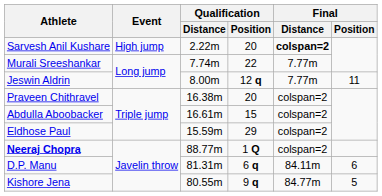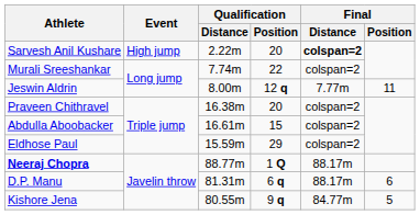 <table class="wikitable" style="font-size:90%">
 <tr>
 <th rowspan="2">Athlete</th>
 <th rowspan="2">Event</th>
 <th colspan="2">Qualification</th>
 <th colspan="2">Final</th>
 </tr>
 <tr style="font-size:95%">
 <th>Distance</th>
 <th>Position</th>
 <th>Distance</th>
 <th>Position</th>
 </tr>
 <tr align="center">
 <td style="text-align:left"><a href='#'>Sarvesh Anil Kushare</a></td>
 <td style="text-align:left"><a href='#'>High jump</a></td>
 <td>2.22m</td>
 <td>20</td>
 <td><strong>colspan=2 </strong></td>
 </tr>
 <tr align="center">
 <td style="text-align:left"><a href='#'>Murali Sreeshankar</a></td>
 <td rowspan="2" style="text-align:left"><a href='#'>Long jump</a></td>
 <td>7.74m</td>
 <td>22</td>
-<td>7.77m</td>
+<td>colspan=2 </td>
 </tr>
 <tr align="center">
 <td align="left"><a href='#'>Jeswin Aldrin</a></td>
 <td>8.00m</td>
 <td>12 <strong>q</strong></td>
 <td>7.77m</td>
 <td>11</td>
 </tr>
 <tr style="text-align:center">
 <td style="text-align:left"><a href='#'>Praveen Chithravel</a></td>
 <td rowspan="3" style="text-align:left"><a href='#'>Triple jump</a></td>
 <td>16.38m</td>
 <td>20</td>
 <td>colspan=2 </td>
 </tr>
 <tr style="text-align:center">
 <td style="text-align:left"><a href='#'>Abdulla Aboobacker</a></td>
 <td>16.61m</td>
 <td>15</td>
 <td>colspan=2 </td>
 </tr>
 <tr style="text-align:center">
 <td style="text-align:left"><a href='#'>Eldhose Paul</a></td>
 <td>15.59m</td>
 <td>29</td>
 <td>colspan=2 </td>
 </tr>
 <tr style="text-align:center">
 <td style="text-align:left"><strong><a href='#'>Neeraj Chopra</a></strong></td>
 <td rowspan="3" style="text-align:left"><a href='#'>Javelin throw</a></td>
 <td>88.77m </td>
 <td>1 <strong>Q</strong></td>
-<td>colspan=2 </td>
+<td>88.17m</td>
 <td></td>
 </tr>
 <tr style="text-align:center">
 <td style="text-align:left"><a href='#'>D.P. Manu</a></td>
 <td>81.31m</td>
 <td>6 <strong>q</strong></td>
-<td>84.11m</td>
+<td>88.17m</td>
 <td>6</td>
 </tr>
 <tr style="text-align:center">
 <td style="text-align:left"><a href='#'>Kishore Jena</a></td>
 <td>80.55m</td>
 <td>9 <strong>q</strong></td>
 <td>84.77m </td>
 <td>5</td>
 </tr>
 </table>
